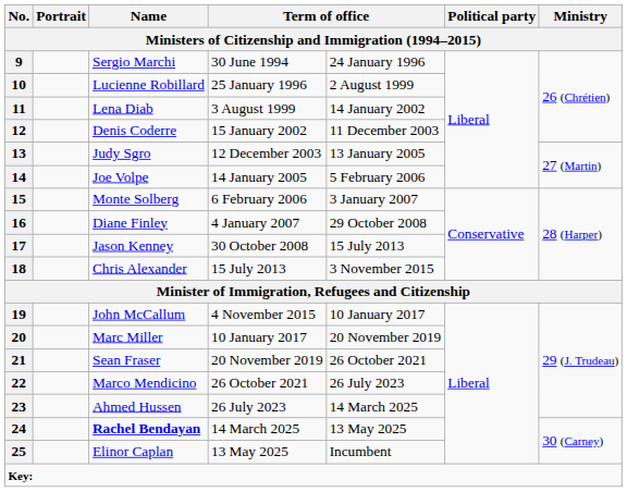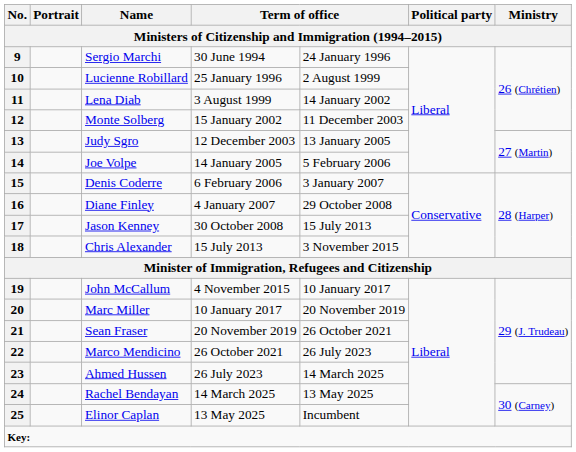 <table class="wikitable">
 <tr>
 <th>No.</th>
 <th>Portrait</th>
 <th>Name</th>
 <th colspan="2">Term of office</th>
 <th>Political party</th>
 <th>Ministry</th>
 </tr>
 <tr>
 <th colspan="7">Ministers of Citizenship and Immigration (1994–2015)</th>
 </tr>
 <tr>
 <th style="background:">9</th>
 <td></td>
 <td><a href='#'>Sergio Marchi</a></td>
 <td>30 June 1994</td>
 <td>24 January 1996</td>
 <td rowspan="6"><a href='#'>Liberal</a></td>
 <td rowspan="4"><a href='#'>26</a> <small>(<a href='#'>Chrétien</a>)</small></td>
 </tr>
 <tr>
 <th style="background:">10</th>
 <td></td>
 <td><a href='#'>Lucienne Robillard</a></td>
 <td>25 January 1996</td>
 <td>2 August 1999</td>
 </tr>
 <tr>
 <th style="background:">11</th>
 <td></td>
 <td><a href='#'>Lena Diab</a></td>
 <td>3 August 1999</td>
 <td>14 January 2002</td>
 </tr>
 <tr>
 <th style="background:">12</th>
 <td></td>
-<td><a href='#'>Denis Coderre</a></td>
+<td><a href='#'>Monte Solberg</a></td>
 <td>15 January 2002</td>
 <td>11 December 2003</td>
 </tr>
 <tr>
 <th style="background:">13</th>
 <td></td>
 <td><a href='#'>Judy Sgro</a></td>
 <td>12 December 2003</td>
 <td>13 January 2005</td>
 <td rowspan="2"><a href='#'>27</a> <small>(<a href='#'>Martin</a>)</small></td>
 </tr>
 <tr>
 <th style="background:">14</th>
 <td></td>
 <td><a href='#'>Joe Volpe</a></td>
 <td>14 January 2005</td>
 <td>5 February 2006</td>
 </tr>
 <tr>
 <th style="background:">15</th>
 <td></td>
-<td><a href='#'>Monte Solberg</a></td>
+<td><a href='#'>Denis Coderre</a></td>
 <td>6 February 2006</td>
 <td>3 January 2007</td>
 <td rowspan="4"><a href='#'>Conservative</a></td>
 <td rowspan="4"><a href='#'>28</a> <small>(<a href='#'>Harper</a>)</small></td>
 </tr>
 <tr>
 <th style="background:">16</th>
 <td></td>
 <td><a href='#'>Diane Finley</a></td>
 <td>4 January 2007</td>
 <td>29 October 2008</td>
 </tr>
 <tr>
 <th style="background:">17</th>
 <td></td>
 <td><a href='#'>Jason Kenney</a></td>
 <td>30 October 2008</td>
 <td>15 July 2013</td>
 </tr>
 <tr>
 <th style="background:">18</th>
 <td></td>
 <td><a href='#'>Chris Alexander</a></td>
 <td>15 July 2013</td>
 <td>3 November 2015</td>
 </tr>
 <tr>
 <th colspan="7">Minister of Immigration, Refugees and Citizenship</th>
 </tr>
 <tr>
 <th style="background:">19</th>
 <td></td>
 <td><a href='#'>John McCallum</a></td>
 <td>4 November 2015</td>
 <td>10 January 2017</td>
 <td rowspan="7"><a href='#'>Liberal</a></td>
 <td rowspan="5"><a href='#'>29</a> <small>(<a href='#'>J. Trudeau</a>)</small></td>
 </tr>
 <tr>
 <th style="background:">20</th>
 <td></td>
 <td><a href='#'>Marc Miller</a></td>
 <td>10 January 2017</td>
 <td>20 November 2019</td>
 </tr>
 <tr>
 <th style="background:">21</th>
 <td></td>
 <td><a href='#'>Sean Fraser</a></td>
 <td>20 November 2019</td>
 <td>26 October 2021</td>
 </tr>
 <tr>
 <th style="background:">22</th>
 <td></td>
 <td><a href='#'>Marco Mendicino</a></td>
 <td>26 October 2021</td>
 <td>26 July 2023</td>
 </tr>
 <tr>
 <th style="background:">23</th>
 <td></td>
 <td><a href='#'>Ahmed Hussen</a></td>
 <td>26 July 2023</td>
 <td>14 March 2025</td>
 </tr>
 <tr>
 <th style="background:">24</th>
 <td></td>
-<td><strong><a href='#'>Rachel Bendayan</a></strong></td>
+<td><a href='#'>Rachel Bendayan</a></td>
 <td>14 March 2025</td>
 <td>13 May 2025</td>
 <td rowspan="2"><a href='#'>30</a> <small>(<a href='#'>Carney</a>)</small></td>
 </tr>
 <tr>
 <th style="background:">25</th>
 <td></td>
 <td><a href='#'>Elinor Caplan</a></td>
 <td>13 May 2025</td>
 <td>Incumbent</td>
 </tr>
 <tr>
 <td colspan="7"><strong><small>Key:</small></strong><small></small></td>
 </tr>
 </table>
